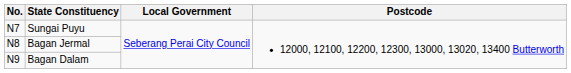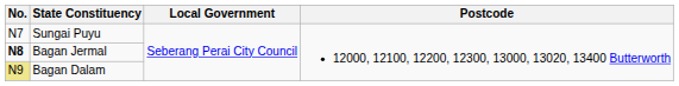 <table class="wikitable">
 <tr>
 <th>No.</th>
 <th>State Constituency</th>
 <th>Local Government</th>
 <th>Postcode</th>
 </tr>
 <tr>
 <td>N7</td>
 <td>Sungai Puyu</td>
 <td rowspan="3"><a href='#'>Seberang Perai City Council</a></td>
 <td rowspan="3"><br><ul><li>12000, 12100, 12200, 12300, 13000, 13020, 13400  <a href='#'>Butterworth</a></li></ul></td>
 </tr>
 <tr>
-<td>N8</td>
+<td><strong>N8</strong></td>
 <td>Bagan Jermal</td>
 </tr>
 <tr>
-<td>N9</td>
+<td style="background: khaki;">N9</td>
 <td>Bagan Dalam</td>
 </tr>
 </table>
